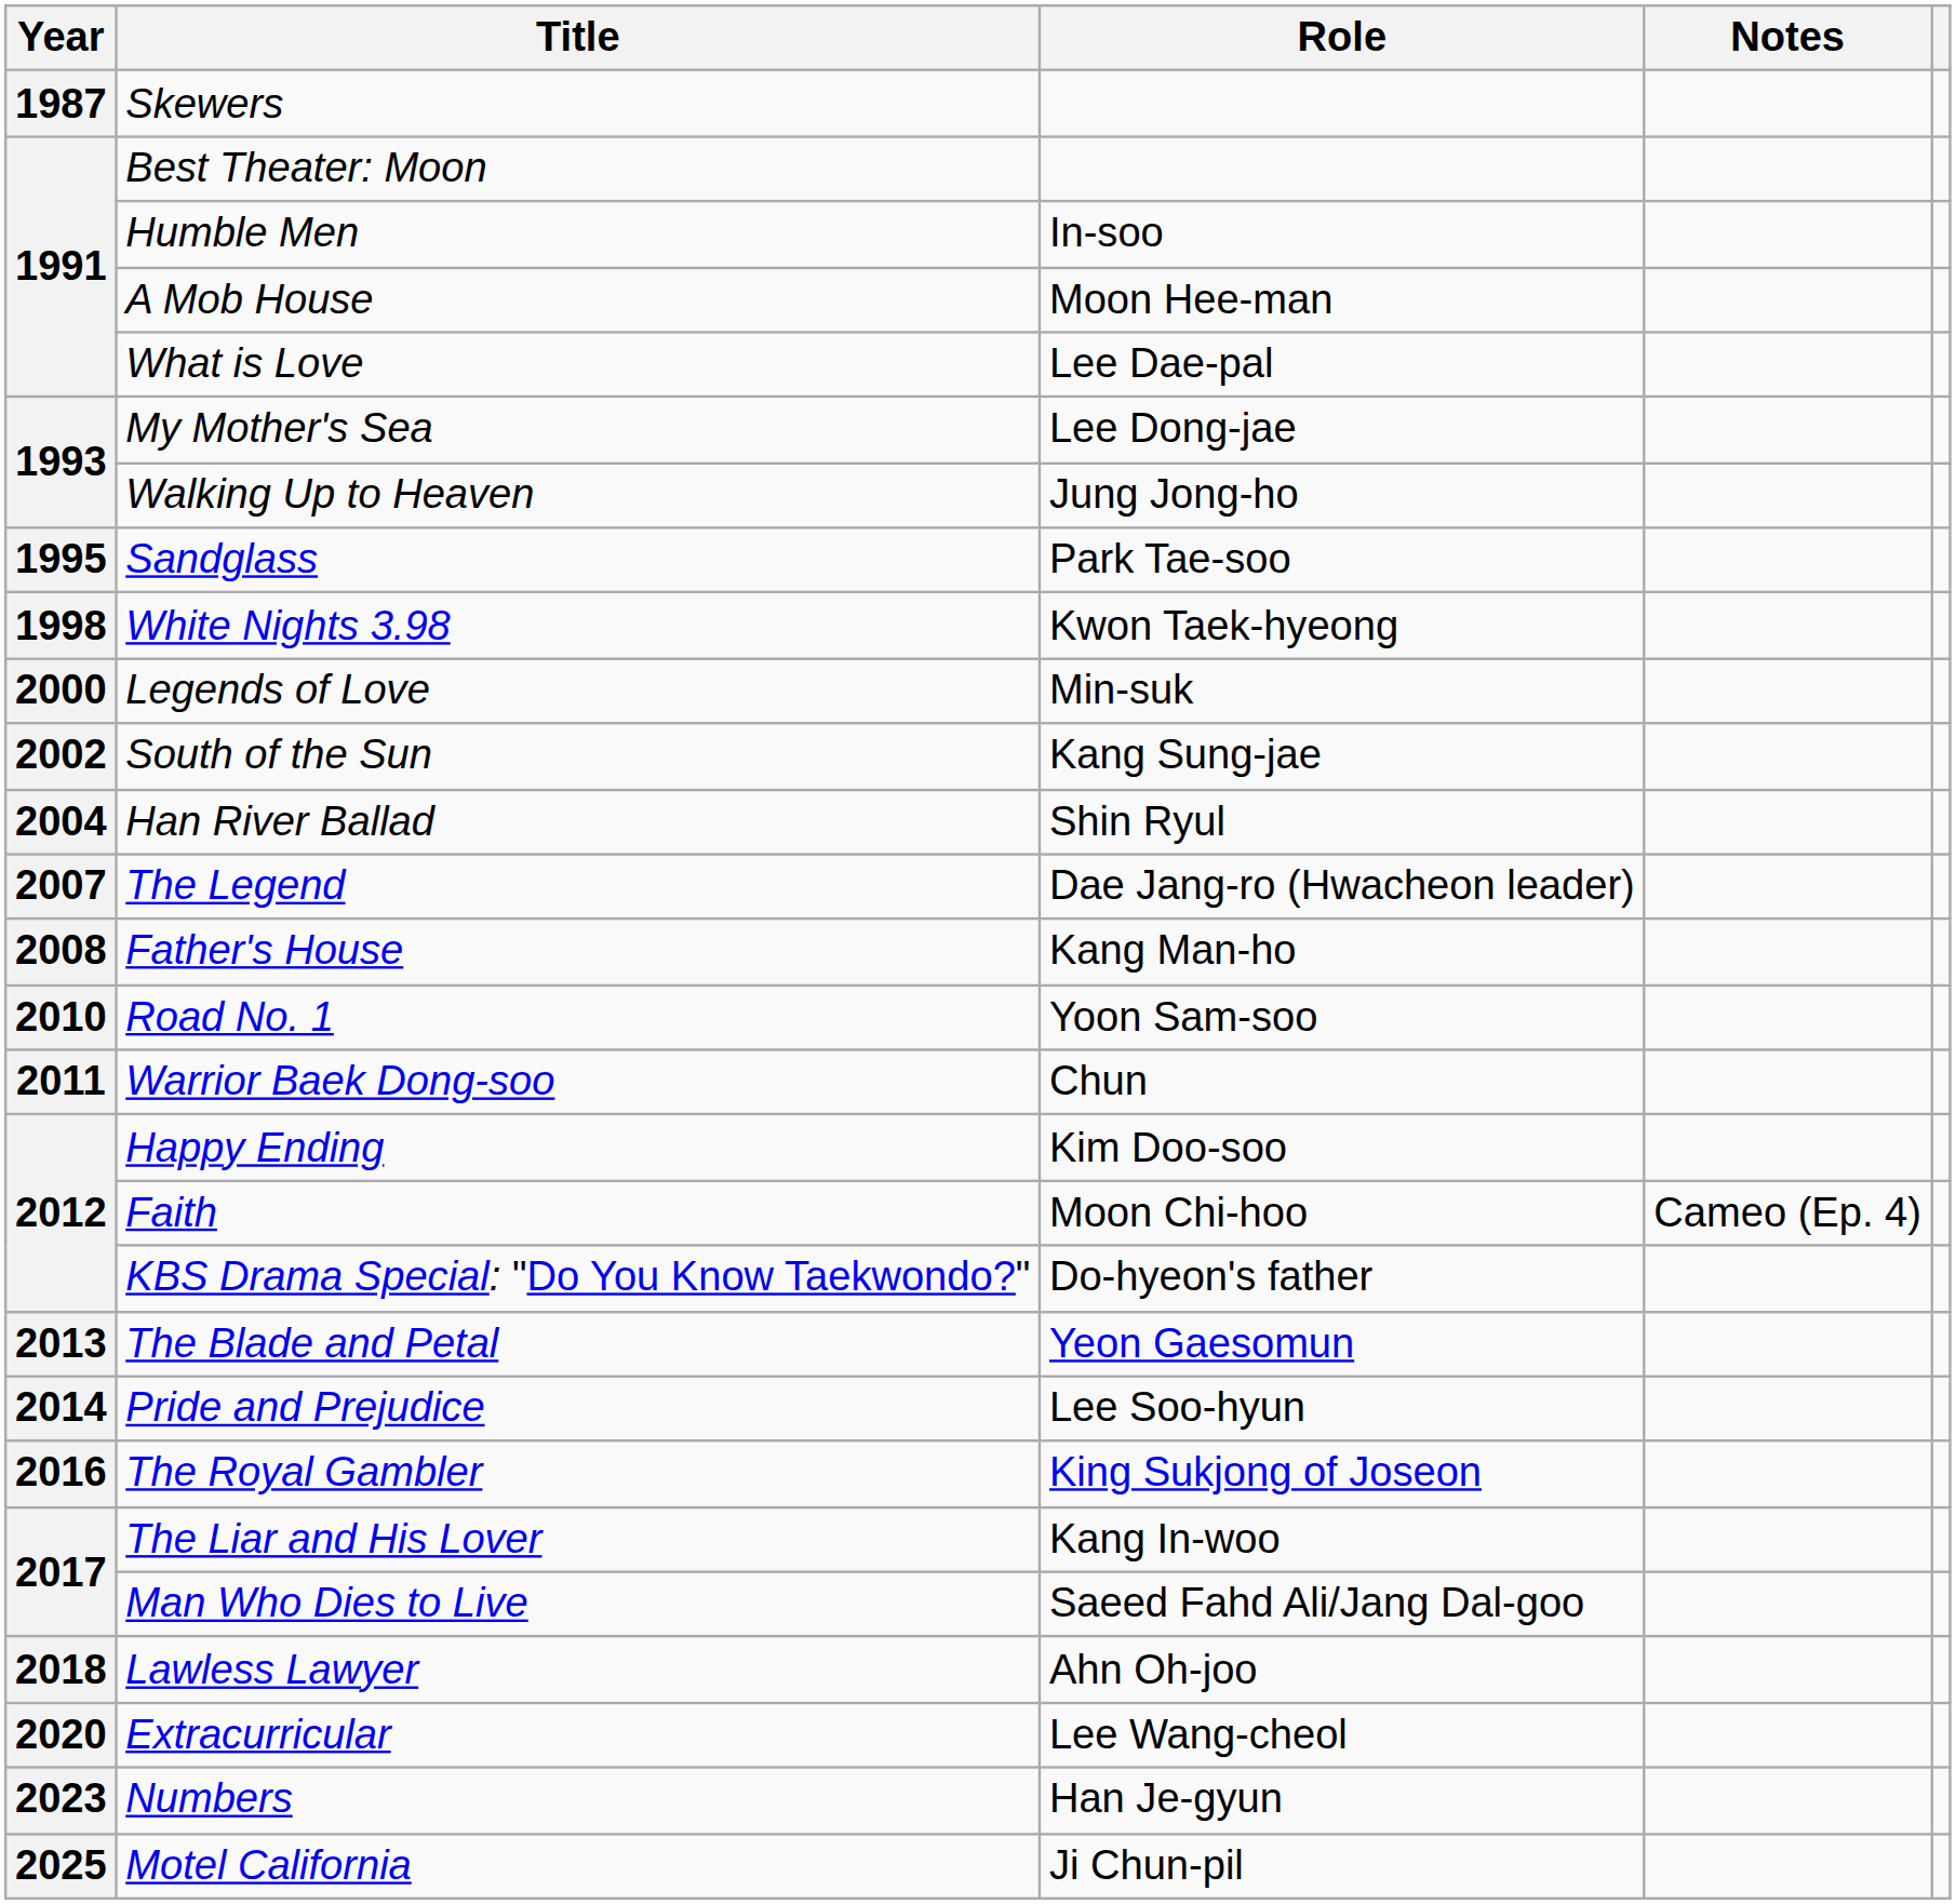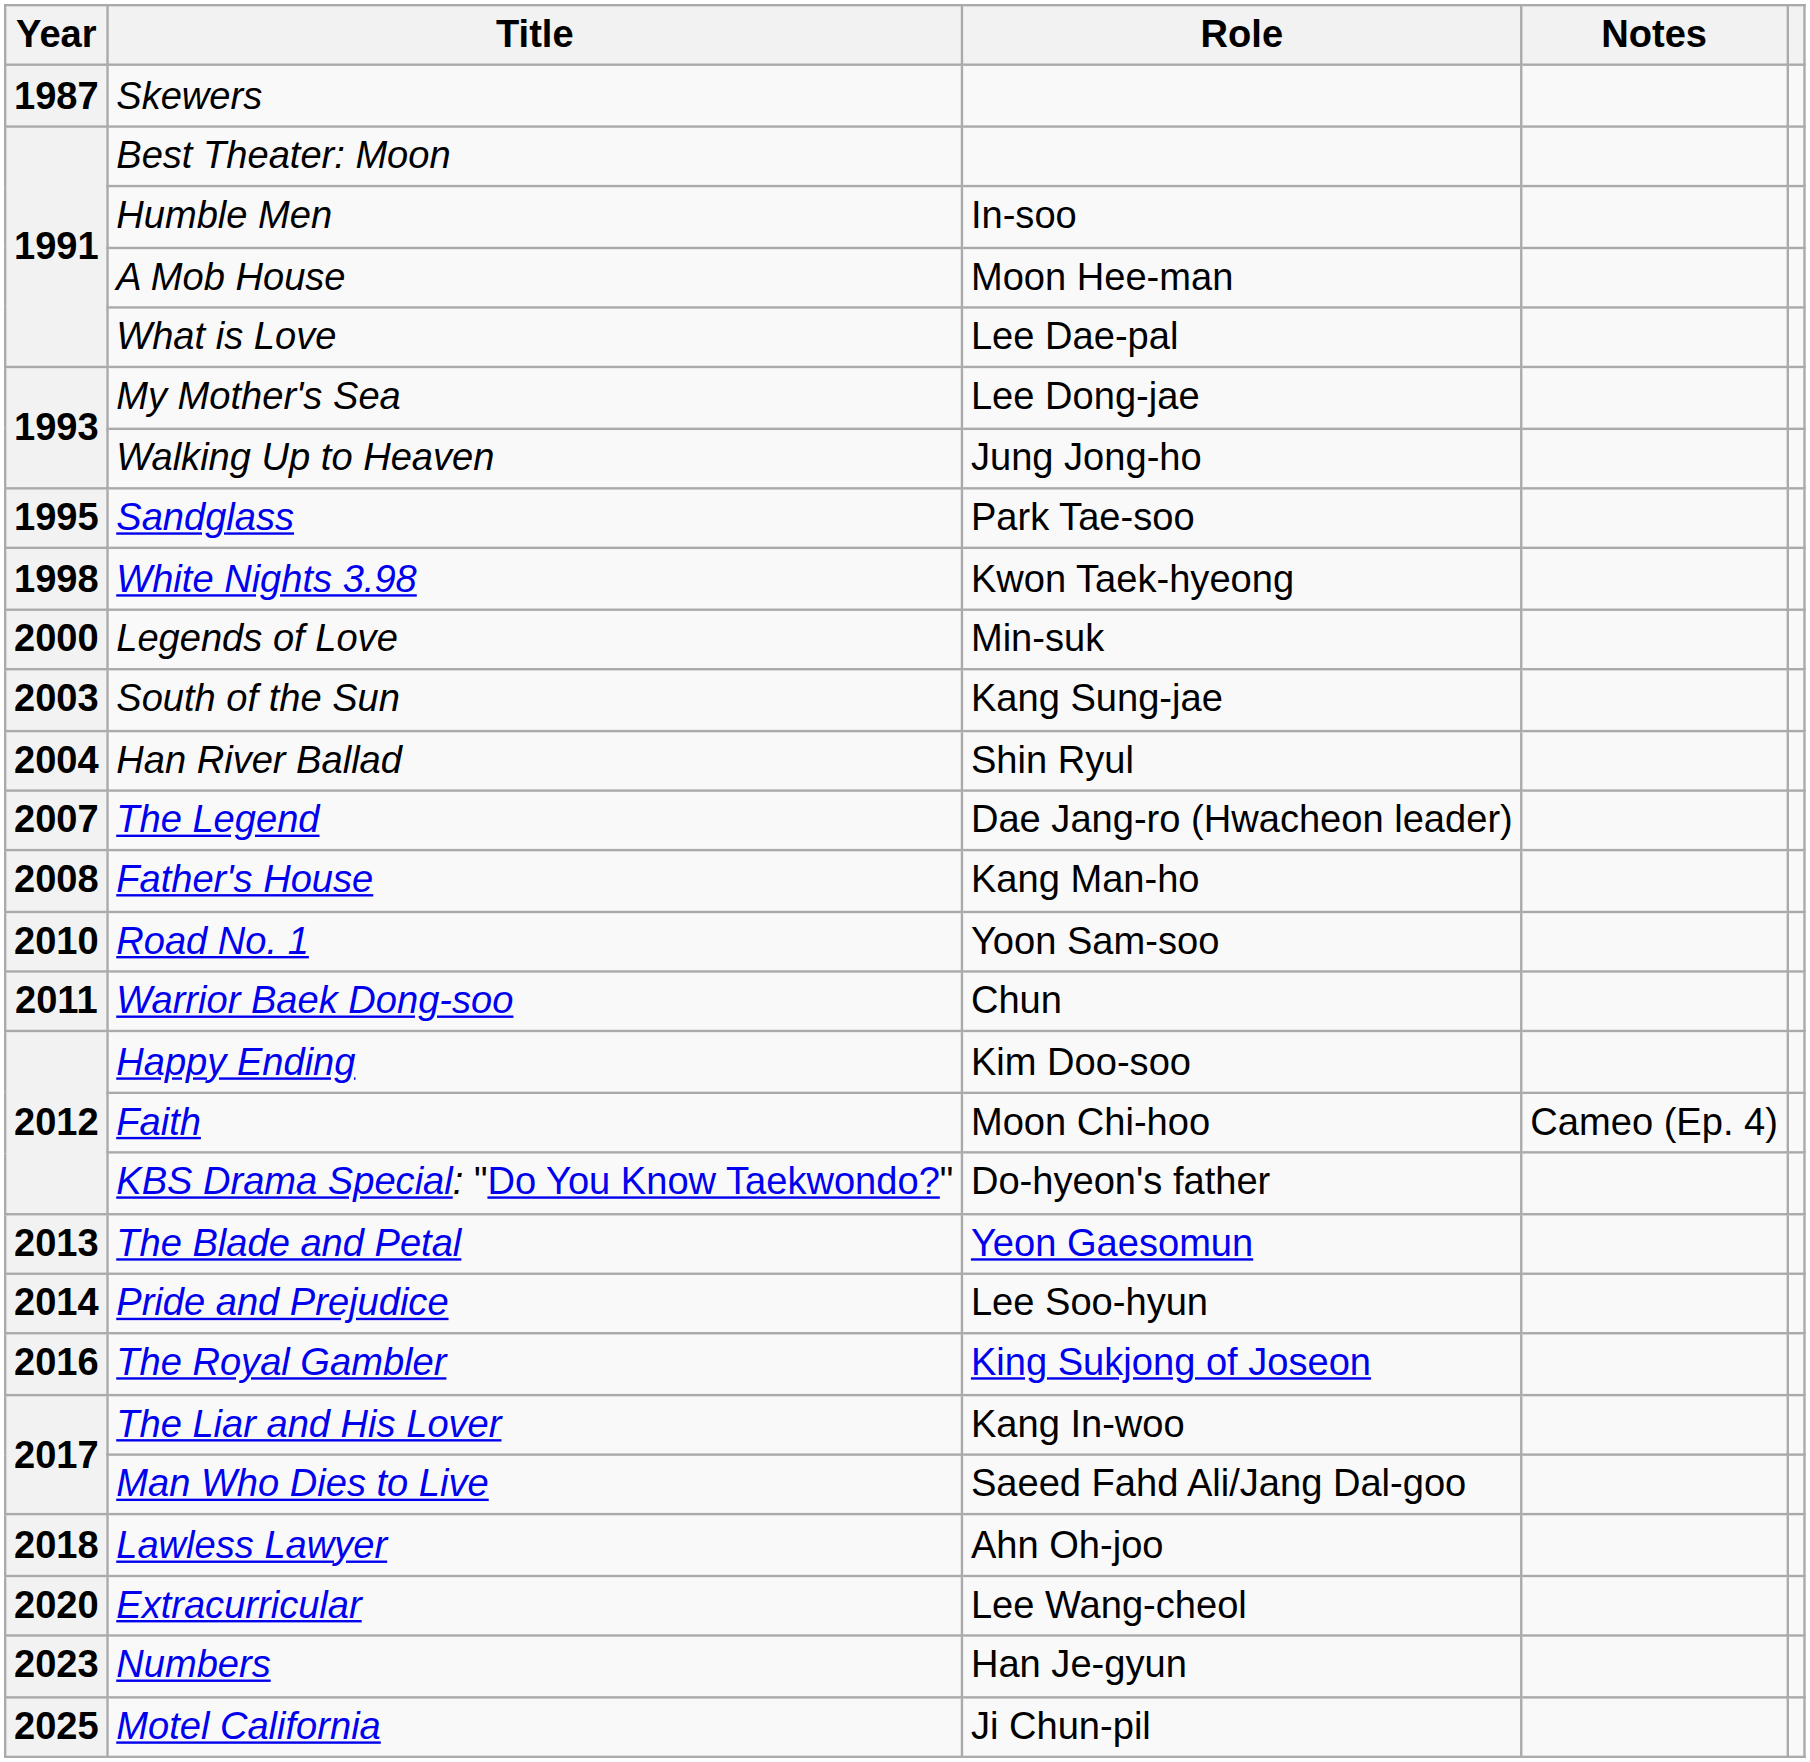 <table class="wikitable sortable plainrowheaders">
 <tr>
 <th scope="col">Year</th>
 <th scope="col">Title</th>
 <th scope="col">Role</th>
 <th scope="col" class="unsortable">Notes</th>
 <th scope="col" class="unsortable"></th>
 </tr>
 <tr>
 <th scope="row">1987</th>
 <td><em>Skewers</em></td>
 <td></td>
 <td></td>
 <td></td>
 </tr>
 <tr>
 <th scope="row" rowspan=4>1991</th>
 <td><em>Best Theater: Moon</em></td>
 <td></td>
 <td></td>
 <td></td>
 </tr>
 <tr>
 <td><em>Humble Men</em></td>
 <td>In-soo</td>
 <td></td>
 <td></td>
 </tr>
 <tr>
 <td><em>A Mob House</em></td>
 <td>Moon Hee-man</td>
 <td></td>
 <td></td>
 </tr>
 <tr>
 <td><em>What is Love</em></td>
 <td>Lee Dae-pal</td>
 <td></td>
 <td></td>
 </tr>
 <tr>
 <th scope="row" rowspan=2>1993</th>
 <td><em>My Mother's Sea</em></td>
 <td>Lee Dong-jae</td>
 <td></td>
 <td></td>
 </tr>
 <tr>
 <td><em>Walking Up to Heaven</em></td>
 <td>Jung Jong-ho</td>
 <td></td>
 <td></td>
 </tr>
 <tr>
 <th scope="row">1995</th>
 <td><em><a href='#'>Sandglass</a></em></td>
 <td>Park Tae-soo</td>
 <td></td>
 <td></td>
 </tr>
 <tr>
 <th scope="row">1998</th>
 <td><em><a href='#'>White Nights 3.98</a></em></td>
 <td>Kwon Taek-hyeong</td>
 <td></td>
 <td></td>
 </tr>
 <tr>
 <th scope="row">2000</th>
 <td><em>Legends of Love</em></td>
 <td>Min-suk</td>
 <td></td>
 <td></td>
 </tr>
 <tr>
-<th scope="row">2002</th>
+<th scope="row">2003</th>
 <td><em>South of the Sun</em></td>
 <td>Kang Sung-jae</td>
 <td></td>
 <td></td>
 </tr>
 <tr>
 <th scope="row">2004</th>
 <td><em>Han River Ballad</em></td>
 <td>Shin Ryul</td>
 <td></td>
 <td></td>
 </tr>
 <tr>
 <th scope="row">2007</th>
 <td><em><a href='#'>The Legend</a></em></td>
 <td>Dae Jang-ro (Hwacheon leader)</td>
 <td></td>
 <td></td>
 </tr>
 <tr>
 <th scope="row">2008</th>
 <td><em><a href='#'>Father's House</a></em></td>
 <td>Kang Man-ho</td>
 <td></td>
 <td></td>
 </tr>
 <tr>
 <th scope="row">2010</th>
 <td><em><a href='#'>Road No. 1</a></em></td>
 <td>Yoon Sam-soo</td>
 <td></td>
 <td></td>
 </tr>
 <tr>
 <th scope="row">2011</th>
 <td><em><a href='#'>Warrior Baek Dong-soo</a></em></td>
 <td>Chun</td>
 <td></td>
 <td></td>
 </tr>
 <tr>
 <th scope="row" rowspan=3>2012</th>
 <td><em><a href='#'>Happy Ending</a></em></td>
 <td>Kim Doo-soo</td>
 <td></td>
 <td></td>
 </tr>
 <tr>
 <td><em><a href='#'>Faith</a></em></td>
 <td>Moon Chi-hoo</td>
 <td>Cameo (Ep. 4)</td>
 <td></td>
 </tr>
 <tr>
 <td><em><a href='#'>KBS Drama Special</a>:</em> "<a href='#'>Do You Know Taekwondo?</a>"</td>
 <td>Do-hyeon's father</td>
 <td></td>
 <td></td>
 </tr>
 <tr>
 <th scope="row">2013</th>
 <td><em><a href='#'>The Blade and Petal</a></em></td>
 <td><a href='#'>Yeon Gaesomun</a></td>
 <td></td>
 <td></td>
 </tr>
 <tr>
 <th scope="row">2014</th>
 <td><em><a href='#'>Pride and Prejudice</a></em></td>
 <td>Lee Soo-hyun</td>
 <td></td>
 <td></td>
 </tr>
 <tr>
 <th scope="row">2016</th>
 <td><em><a href='#'>The Royal Gambler</a></em></td>
 <td><a href='#'>King Sukjong of Joseon</a></td>
 <td></td>
 <td></td>
 </tr>
 <tr>
 <th scope="row" rowspan=2>2017</th>
 <td><em><a href='#'>The Liar and His Lover</a></em></td>
 <td>Kang In-woo</td>
 <td></td>
 <td></td>
 </tr>
 <tr>
 <td><em><a href='#'>Man Who Dies to Live</a></em></td>
 <td>Saeed Fahd Ali/Jang Dal-goo</td>
 <td></td>
 <td></td>
 </tr>
 <tr>
 <th scope="row">2018</th>
 <td><em><a href='#'>Lawless Lawyer</a></em></td>
 <td>Ahn Oh-joo</td>
 <td></td>
 <td style="text-align:center"></td>
 </tr>
 <tr>
 <th scope="row">2020</th>
 <td><em><a href='#'>Extracurricular</a></em></td>
 <td>Lee Wang-cheol</td>
 <td></td>
 <td style="text-align:center"></td>
 </tr>
 <tr>
 <th scope="row">2023</th>
 <td><em><a href='#'>Numbers</a></em></td>
 <td>Han Je-gyun</td>
 <td></td>
 <td style="text-align:center"></td>
 </tr>
 <tr>
 <th scope="row">2025</th>
 <td><em><a href='#'>Motel California</a></em></td>
 <td>Ji Chun-pil</td>
 <td></td>
 <td style="text-align:center"></td>
 </tr>
 </table>
